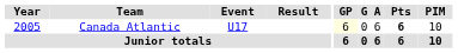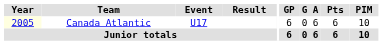 <table border="0" cellpadding="1" cellspacing="0" ID="Table3" style="text-align:center; width:40em">
 <tr ALIGN="center" bgcolor="#e0e0e0">
 <th>Year</th>
 <th>Team</th>
 <th>Event</th>
 <th>Result</th>
 <th rowspan="99" bgcolor="#ffffff"></th>
 <th>GP</th>
 <th>G</th>
 <th>A</th>
 <th>Pts</th>
 <th>PIM</th>
 </tr>
 <tr>
-<td><a href='#'>2005</a></td>
+<td style="background: lightyellow;"><a href='#'>2005</a></td>
 <td><a href='#'>Canada Atlantic</a></td>
 <td><a href='#'>U17</a></td>
 <td></td>
-<td style="background: lightyellow;">6</td>
+<td>6</td>
 <td>0</td>
 <td>6</td>
-<td><strong>6</strong></td>
+<td>6</td>
 <td>10</td>
 </tr>
 <tr ALIGN="center" bgcolor="#e0e0e0">
 <th colspan=4>Junior totals</th>
 <th>6</th>
 <th>0</th>
 <th>6</th>
 <th>6</th>
 <th>10</th>
 </tr>
 </table>
